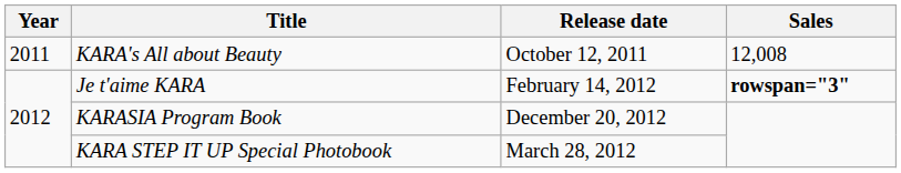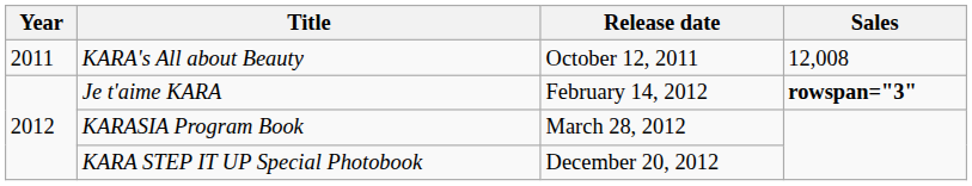 <table class="wikitable" style="width:700px">
 <tr>
 <th>Year</th>
 <th>Title</th>
 <th>Release date</th>
 <th>Sales</th>
 </tr>
 <tr>
 <td>2011</td>
 <td><em>KARA's All about Beauty</em></td>
 <td>October 12, 2011</td>
 <td>12,008</td>
 </tr>
 <tr>
 <td rowspan=3>2012</td>
 <td><em>Je t'aime KARA</em></td>
 <td>February 14, 2012</td>
 <td><strong>rowspan="3" </strong></td>
 </tr>
 <tr>
 <td><em>KARASIA Program Book </em></td>
-<td>December 20, 2012</td>
+<td>March 28, 2012</td>
 </tr>
 <tr>
 <td><em>KARA STEP IT UP Special Photobook </em></td>
-<td>March 28, 2012</td>
+<td>December 20, 2012</td>
 </tr>
 </table>
